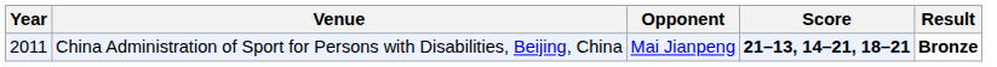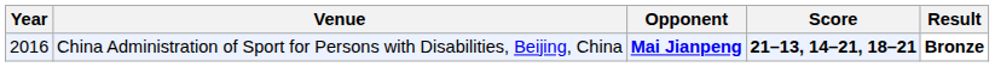 <table class="sortable wikitable" style="font-size: 90%;">
 <tr>
 <th>Year</th>
 <th>Venue</th>
 <th>Opponent</th>
 <th>Score</th>
 <th>Result</th>
 </tr>
 <tr style="background:#ECF2FF">
-<td align="center">2011</td>
+<td align="center">2016</td>
 <td align="left">China Administration of Sport for Persons with Disabilities, <a href='#'>Beijing</a>, China</td>
-<td align="left"> <a href='#'>Mai Jianpeng</a></td>
+<td align="left"><strong> <a href='#'>Mai Jianpeng</a></strong></td>
 <td align="left"><strong>21–13, 14–21, 18–21</strong></td>
 <td style="text-align:left; background:white"> <strong>Bronze</strong></td>
 </tr>
 </table>
